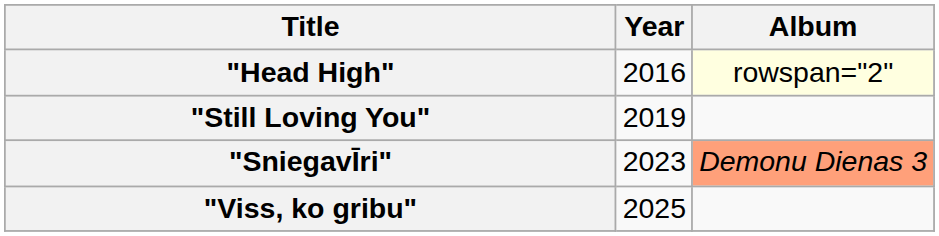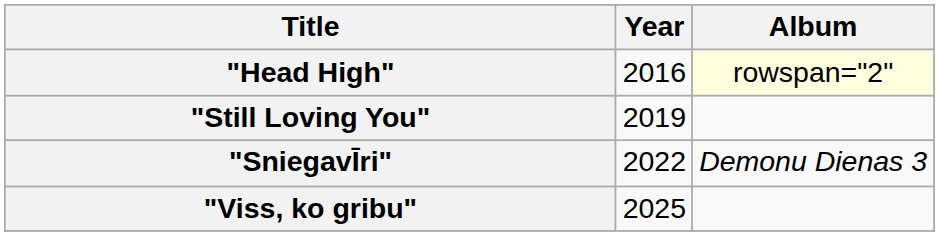 <table class="wikitable plainrowheaders" style="text-align:center;">
 <tr>
 <th scope="col" style="width:21em;">Title</th>
 <th scope="col" style="width:1em;">Year</th>
 <th scope="col">Album</th>
 </tr>
 <tr>
 <th scope="row">"Head High" <br></th>
 <td>2016</td>
 <td style="background: lightyellow;">rowspan="2" </td>
 </tr>
 <tr>
 <th scope="row">"Still Loving You" <br></th>
 <td>2019</td>
 </tr>
 <tr>
 <th scope="row">"SniegavĪri" <br></th>
-<td>2023</td>
-<td style="background: lightsalmon;"><em>Demonu Dienas 3</em></td>
+<td>2022</td>
+<td><em>Demonu Dienas 3</em></td>
 </tr>
 <tr>
 <th scope="row">"Viss, ko gribu" <br></th>
 <td>2025</td>
 <td></td>
 </tr>
 </table>
